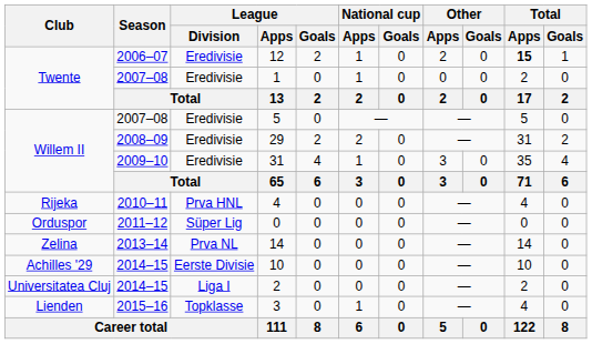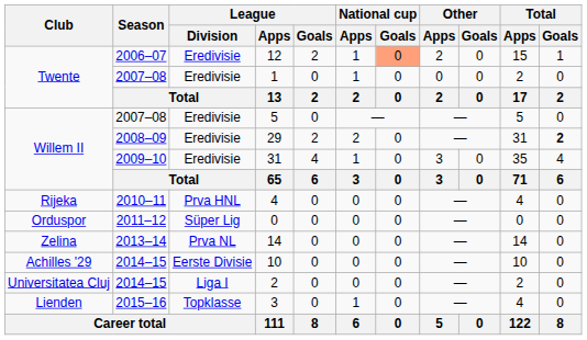 <table class="wikitable" style="text-align:center">
 <tr>
 <th rowspan="2">Club</th>
 <th rowspan="2">Season</th>
 <th colspan="3">League</th>
 <th colspan="2">National cup</th>
 <th colspan="2">Other</th>
 <th colspan="2">Total</th>
 </tr>
 <tr>
 <th>Division</th>
 <th>Apps</th>
 <th>Goals</th>
 <th>Apps</th>
 <th>Goals</th>
 <th>Apps</th>
 <th>Goals</th>
 <th>Apps</th>
 <th>Goals</th>
 </tr>
 <tr>
 <td rowspan="3"><a href='#'>Twente</a></td>
 <td><a href='#'>2006–07</a></td>
 <td><a href='#'>Eredivisie</a></td>
 <td>12</td>
 <td>2</td>
 <td>1</td>
-<td>0</td>
+<td style="background: lightsalmon;">0</td>
 <td>2</td>
 <td>0</td>
-<td><strong>15</strong></td>
+<td>15</td>
 <td>1</td>
 </tr>
 <tr>
 <td><a href='#'>2007–08</a></td>
 <td>Eredivisie</td>
 <td>1</td>
 <td>0</td>
 <td>1</td>
 <td>0</td>
 <td>0</td>
 <td>0</td>
 <td>2</td>
 <td>0</td>
 </tr>
 <tr>
 <th colspan="2">Total</th>
 <th>13</th>
 <th>2</th>
 <th>2</th>
 <th>0</th>
 <th>2</th>
 <th>0</th>
 <th>17</th>
 <th>2</th>
 </tr>
 <tr>
 <td rowspan="4"><a href='#'>Willem II</a></td>
 <td>2007–08</td>
 <td>Eredivisie</td>
 <td>5</td>
 <td>0</td>
 <td colspan="2">—</td>
 <td colspan="2">—</td>
 <td>5</td>
 <td>0</td>
 </tr>
 <tr>
 <td><a href='#'>2008–09</a></td>
 <td>Eredivisie</td>
 <td>29</td>
 <td>2</td>
 <td>2</td>
 <td>0</td>
 <td colspan="2">—</td>
 <td>31</td>
-<td>2</td>
+<td><strong>2</strong></td>
 </tr>
 <tr>
 <td><a href='#'>2009–10</a></td>
 <td>Eredivisie</td>
 <td>31</td>
 <td>4</td>
 <td>1</td>
 <td>0</td>
 <td>3</td>
 <td>0</td>
 <td>35</td>
 <td>4</td>
 </tr>
 <tr>
 <th colspan="2">Total</th>
 <th>65</th>
 <th>6</th>
 <th>3</th>
 <th>0</th>
 <th>3</th>
 <th>0</th>
 <th>71</th>
 <th>6</th>
 </tr>
 <tr>
 <td><a href='#'>Rijeka</a></td>
 <td><a href='#'>2010–11</a></td>
 <td><a href='#'>Prva HNL</a></td>
 <td>4</td>
 <td>0</td>
 <td>0</td>
 <td>0</td>
 <td colspan="2">—</td>
 <td>4</td>
 <td>0</td>
 </tr>
 <tr>
 <td><a href='#'>Orduspor</a></td>
 <td><a href='#'>2011–12</a></td>
 <td><a href='#'>Süper Lig</a></td>
 <td>0</td>
 <td>0</td>
 <td>0</td>
 <td>0</td>
 <td colspan="2">—</td>
 <td>0</td>
 <td>0</td>
 </tr>
 <tr>
 <td><a href='#'>Zelina</a></td>
 <td><a href='#'>2013–14</a></td>
 <td><a href='#'>Prva NL</a></td>
 <td>14</td>
 <td>0</td>
 <td>0</td>
 <td>0</td>
 <td colspan="2">—</td>
 <td>14</td>
 <td>0</td>
 </tr>
 <tr>
 <td><a href='#'>Achilles '29</a></td>
 <td><a href='#'>2014–15</a></td>
 <td><a href='#'>Eerste Divisie</a></td>
 <td>10</td>
 <td>0</td>
 <td>0</td>
 <td>0</td>
 <td colspan="2">—</td>
 <td>10</td>
 <td>0</td>
 </tr>
 <tr>
 <td><a href='#'>Universitatea Cluj</a></td>
 <td><a href='#'>2014–15</a></td>
 <td><a href='#'>Liga I</a></td>
 <td>2</td>
 <td>0</td>
 <td>0</td>
 <td>0</td>
 <td colspan="2">—</td>
 <td>2</td>
 <td>0</td>
 </tr>
 <tr>
 <td><a href='#'>Lienden</a></td>
 <td><a href='#'>2015–16</a></td>
 <td><a href='#'>Topklasse</a></td>
 <td>3</td>
 <td>0</td>
 <td>1</td>
 <td>0</td>
 <td colspan="2">—</td>
 <td>4</td>
 <td>0</td>
 </tr>
 <tr>
 <th colspan="3">Career total</th>
 <th>111</th>
 <th>8</th>
 <th>6</th>
 <th>0</th>
 <th>5</th>
 <th>0</th>
 <th>122</th>
 <th>8</th>
 </tr>
 </table>
